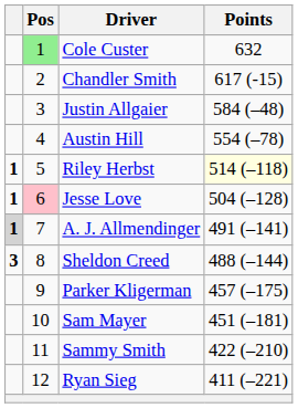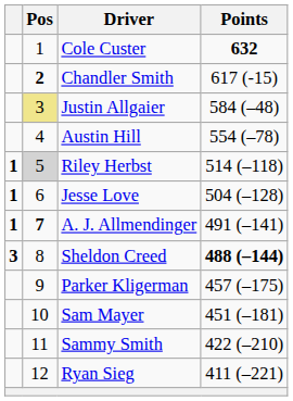 <table class="wikitable" style="font-size: 95%;">
 <tr>
 <th></th>
 <th>Pos</th>
 <th>Driver</th>
 <th>Points</th>
 </tr>
 <tr>
 <td align="left"></td>
-<td style="background: lightgreen; text-align:center;">1</td>
+<td style="text-align:center;">1</td>
 <td><a href='#'>Cole Custer</a></td>
-<td style="text-align:center;">632</td>
+<td style="text-align:center;"><strong>632</strong></td>
 </tr>
 <tr>
 <td align="left"></td>
-<td style="text-align:center;">2</td>
+<td style="text-align:center;"><strong>2</strong></td>
 <td><a href='#'>Chandler Smith</a></td>
 <td style="text-align:center;">617 (-15)</td>
 </tr>
 <tr>
 <td align="left"></td>
-<td style="text-align:center;">3</td>
+<td style="background: khaki; text-align:center;">3</td>
 <td><a href='#'>Justin Allgaier</a></td>
 <td style="text-align:center;">584 (–48)</td>
 </tr>
 <tr>
 <td align="left"></td>
 <td style="text-align:center;">4</td>
 <td><a href='#'>Austin Hill</a></td>
 <td style="text-align:center;">554 (–78)</td>
 </tr>
 <tr>
 <td align="left"> <strong>1</strong></td>
-<td style="text-align:center;">5</td>
+<td style="background: lightgrey; text-align:center;">5</td>
 <td><a href='#'>Riley Herbst</a></td>
-<td style="background: lightyellow; text-align:center;">514 (–118)</td>
+<td style="text-align:center;">514 (–118)</td>
 </tr>
 <tr>
 <td align="left"> <strong>1</strong></td>
-<td style="background: pink; text-align:center;">6</td>
+<td style="text-align:center;">6</td>
 <td><a href='#'>Jesse Love</a></td>
 <td style="text-align:center;">504 (–128)</td>
 </tr>
 <tr>
-<td align="left" style="background: lightgrey;"> <strong>1</strong></td>
-<td style="text-align:center;">7</td>
+<td align="left"> <strong>1</strong></td>
+<td style="text-align:center;"><strong>7</strong></td>
 <td><a href='#'>A. J. Allmendinger</a></td>
 <td style="text-align:center;">491 (–141)</td>
 </tr>
 <tr>
 <td align="left"> <strong>3</strong></td>
 <td style="text-align:center;">8</td>
 <td><a href='#'>Sheldon Creed</a></td>
-<td style="text-align:center;">488 (–144)</td>
+<td style="text-align:center;"><strong>488 (–144)</strong></td>
 </tr>
 <tr>
 <td align="left"></td>
 <td style="text-align:center;">9</td>
 <td><a href='#'>Parker Kligerman</a></td>
 <td style="text-align:center;">457 (–175)</td>
 </tr>
 <tr>
 <td align="left"></td>
 <td style="text-align:center;">10</td>
 <td><a href='#'>Sam Mayer</a></td>
 <td style="text-align:center;">451 (–181)</td>
 </tr>
 <tr>
 <td align="left"></td>
 <td style="text-align:center;">11</td>
 <td><a href='#'>Sammy Smith</a></td>
 <td style="text-align:center;">422 (–210)</td>
 </tr>
 <tr>
 <td align="left"></td>
 <td style="text-align:center;">12</td>
 <td><a href='#'>Ryan Sieg</a></td>
 <td style="text-align:center;">411 (–221)</td>
 </tr>
 <tr class="sortbottom">
 <th colspan="9"></th>
 </tr>
 </table>
